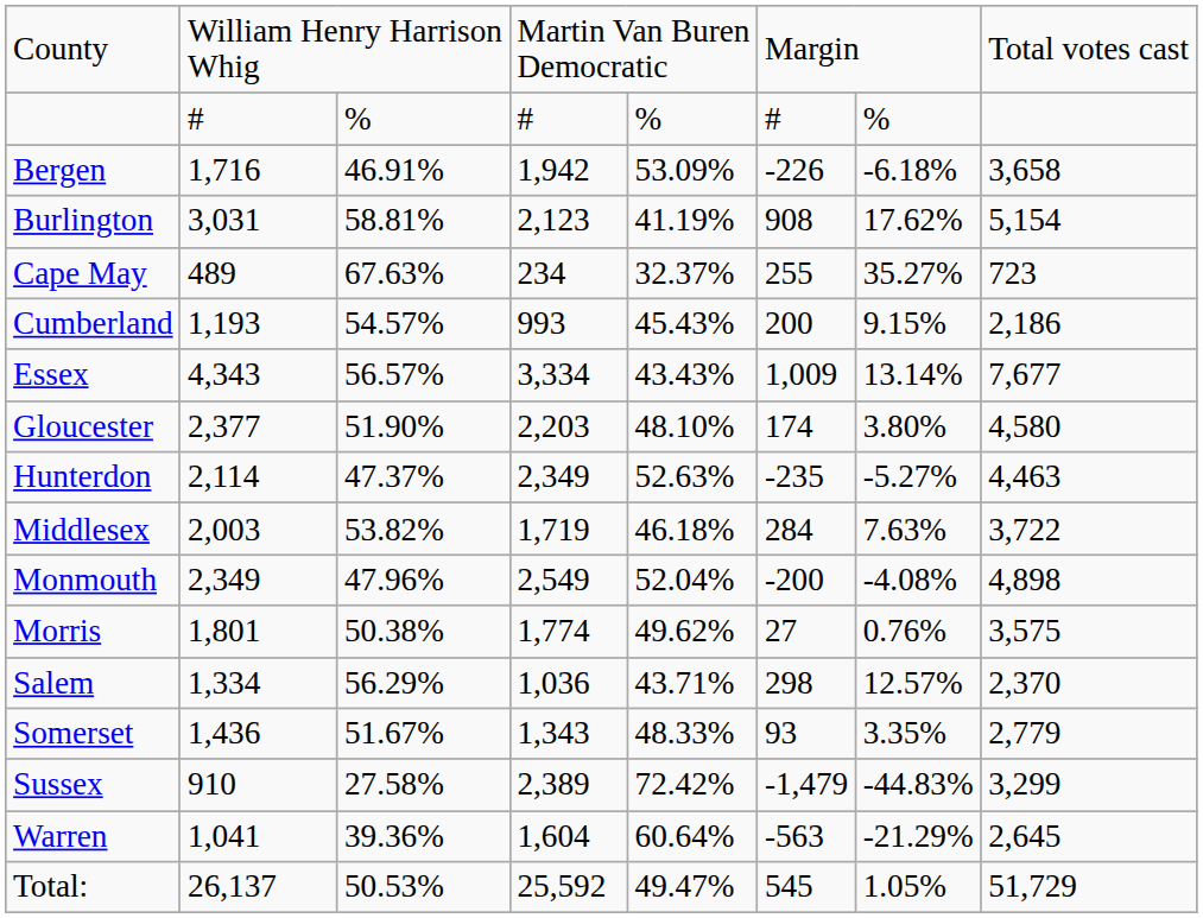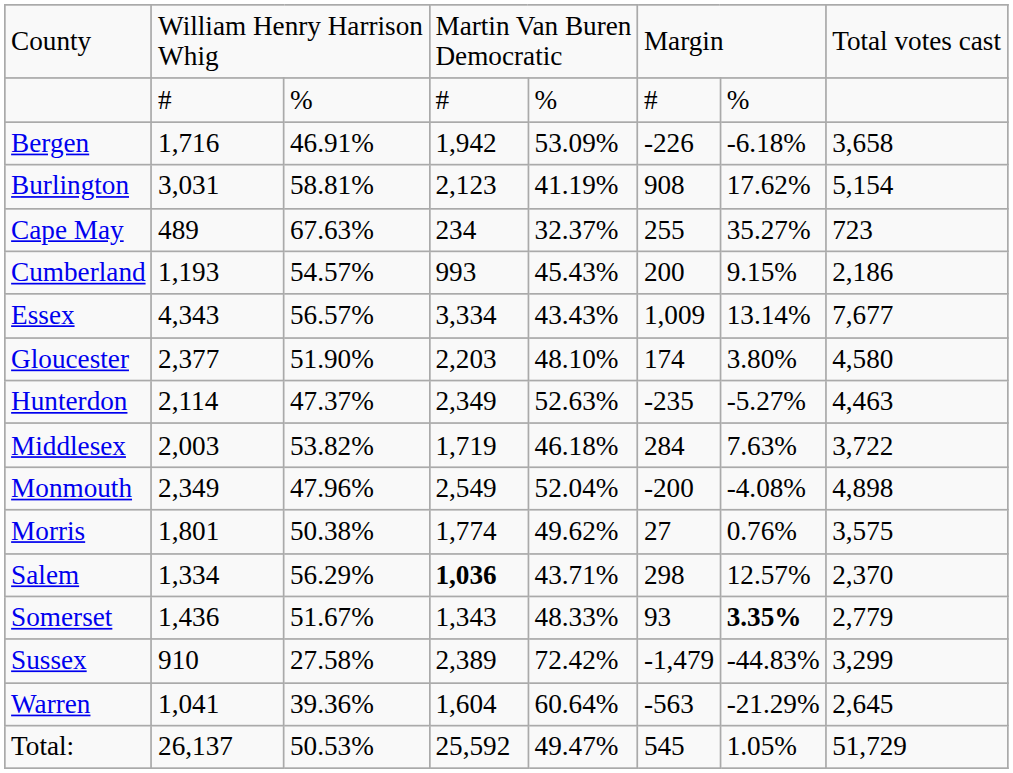 <table class="wikitable">
 <tr>
 <td>County</td>
 <td colspan="2" rowspan="1">William Henry Harrison<br>Whig</td>
 <td colspan="2" rowspan="1">Martin Van Buren<br>Democratic</td>
 <td colspan="2" rowspan="1">Margin</td>
 <td>Total votes cast</td>
 </tr>
 <tr>
 <td></td>
 <td>#</td>
 <td>%</td>
 <td>#</td>
 <td>%</td>
 <td>#</td>
 <td>%</td>
 <td></td>
 </tr>
 <tr>
 <td><a href='#'>Bergen</a></td>
 <td>1,716</td>
 <td>46.91%</td>
 <td>1,942</td>
 <td>53.09%</td>
 <td>-226</td>
 <td>-6.18%</td>
 <td>3,658</td>
 </tr>
 <tr>
 <td><a href='#'>Burlington</a></td>
 <td>3,031</td>
 <td>58.81%</td>
 <td>2,123</td>
 <td>41.19%</td>
 <td>908</td>
 <td>17.62%</td>
 <td>5,154</td>
 </tr>
 <tr>
 <td><a href='#'>Cape May</a></td>
 <td>489</td>
 <td>67.63%</td>
 <td>234</td>
 <td>32.37%</td>
 <td>255</td>
 <td>35.27%</td>
 <td>723</td>
 </tr>
 <tr>
 <td><a href='#'>Cumberland</a></td>
 <td>1,193</td>
 <td>54.57%</td>
 <td>993</td>
 <td>45.43%</td>
 <td>200</td>
 <td>9.15%</td>
 <td>2,186</td>
 </tr>
 <tr>
 <td><a href='#'>Essex</a></td>
 <td>4,343</td>
 <td>56.57%</td>
 <td>3,334</td>
 <td>43.43%</td>
 <td>1,009</td>
 <td>13.14%</td>
 <td>7,677</td>
 </tr>
 <tr>
 <td><a href='#'>Gloucester</a></td>
 <td>2,377</td>
 <td>51.90%</td>
 <td>2,203</td>
 <td>48.10%</td>
 <td>174</td>
 <td>3.80%</td>
 <td>4,580</td>
 </tr>
 <tr>
 <td><a href='#'>Hunterdon</a></td>
 <td>2,114</td>
 <td>47.37%</td>
 <td>2,349</td>
 <td>52.63%</td>
 <td>-235</td>
 <td>-5.27%</td>
 <td>4,463</td>
 </tr>
 <tr>
 <td><a href='#'>Middlesex</a></td>
 <td>2,003</td>
 <td>53.82%</td>
 <td>1,719</td>
 <td>46.18%</td>
 <td>284</td>
 <td>7.63%</td>
 <td>3,722</td>
 </tr>
 <tr>
 <td><a href='#'>Monmouth</a></td>
 <td>2,349</td>
 <td>47.96%</td>
 <td>2,549</td>
 <td>52.04%</td>
 <td>-200</td>
 <td>-4.08%</td>
 <td>4,898</td>
 </tr>
 <tr>
 <td><a href='#'>Morris</a></td>
 <td>1,801</td>
 <td>50.38%</td>
 <td>1,774</td>
 <td>49.62%</td>
 <td>27</td>
 <td>0.76%</td>
 <td>3,575</td>
 </tr>
 <tr>
 <td><a href='#'>Salem</a></td>
 <td>1,334</td>
 <td>56.29%</td>
-<td>1,036</td>
+<td><strong>1,036</strong></td>
 <td>43.71%</td>
 <td>298</td>
 <td>12.57%</td>
 <td>2,370</td>
 </tr>
 <tr>
 <td><a href='#'>Somerset</a></td>
 <td>1,436</td>
 <td>51.67%</td>
 <td>1,343</td>
 <td>48.33%</td>
 <td>93</td>
-<td>3.35%</td>
+<td><strong>3.35%</strong></td>
 <td>2,779</td>
 </tr>
 <tr>
 <td><a href='#'>Sussex</a></td>
 <td>910</td>
 <td>27.58%</td>
 <td>2,389</td>
 <td>72.42%</td>
 <td>-1,479</td>
 <td>-44.83%</td>
 <td>3,299</td>
 </tr>
 <tr>
 <td><a href='#'>Warren</a></td>
 <td>1,041</td>
 <td>39.36%</td>
 <td>1,604</td>
 <td>60.64%</td>
 <td>-563</td>
 <td>-21.29%</td>
 <td>2,645</td>
 </tr>
 <tr>
 <td>Total:</td>
 <td>26,137</td>
 <td>50.53%</td>
 <td>25,592</td>
 <td>49.47%</td>
 <td>545</td>
 <td>1.05%</td>
 <td>51,729</td>
 </tr>
 </table>
